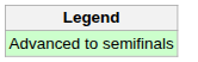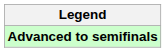 <table class="wikitable">
 <tr>
 <th>Legend</th>
 </tr>
 <tr bgcolor=#ccffcc>
-<td>Advanced to semifinals</td>
+<td><strong>Advanced to semifinals</strong></td>
 </tr>
 </table>
